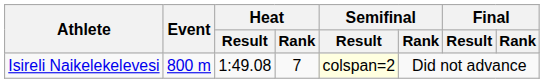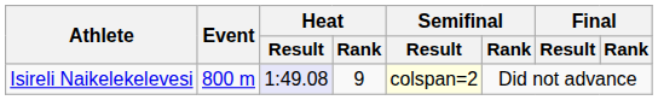 <table class=wikitable style="font-size:90%">
 <tr>
 <th rowspan="2">Athlete</th>
 <th rowspan="2">Event</th>
 <th colspan="2">Heat</th>
 <th colspan="2">Semifinal</th>
 <th colspan="2">Final</th>
 </tr>
 <tr style="font-size:95%">
 <th>Result</th>
 <th>Rank</th>
 <th>Result</th>
 <th>Rank</th>
 <th>Result</th>
 <th>Rank</th>
 </tr>
 <tr align=center>
 <td align=left><a href='#'>Isireli Naikelekelevesi</a></td>
 <td align=left><a href='#'>800 m</a></td>
-<td>1:49.08</td>
-<td>7</td>
+<td style="background: lavender;">1:49.08</td>
+<td>9</td>
 <td style="background: lightyellow;">colspan=2 </td>
 <td colspan=4>Did not advance</td>
 </tr>
 </table>
